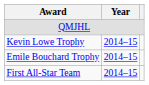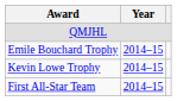 <table class="wikitable">
 <tr>
 <th>Award</th>
 <th>Year</th>
 <th></th>
 </tr>
 <tr ALIGN="center" bgcolor="#e0e0e0">
 <td colspan="3"><a href='#'>QMJHL</a></td>
 </tr>
 <tr>
-<td><a href='#'>Kevin Lowe Trophy</a></td>
+<td><a href='#'>Emile Bouchard Trophy</a></td>
 <td><a href='#'>2014–15</a></td>
 <td></td>
 </tr>
 <tr>
-<td><a href='#'>Emile Bouchard Trophy</a></td>
+<td><a href='#'>Kevin Lowe Trophy</a></td>
 <td><a href='#'>2014–15</a></td>
 <td></td>
 </tr>
 <tr>
 <td><a href='#'>First All-Star Team</a></td>
 <td><a href='#'>2014–15</a></td>
 <td></td>
 </tr>
 </table>
